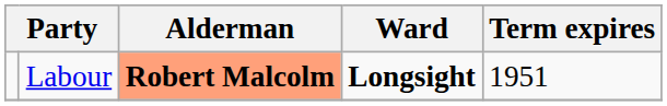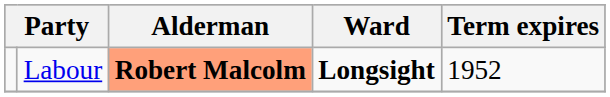 <table class="wikitable">
 <tr>
 <th colspan="2">Party</th>
 <th>Alderman</th>
 <th>Ward</th>
 <th>Term expires</th>
 </tr>
 <tr>
 <td style="background-color:"></td>
 <td><a href='#'>Labour</a></td>
 <td style="background: lightsalmon;"><strong>Robert Malcolm</strong></td>
 <td><strong>Longsight</strong></td>
-<td>1951</td>
+<td>1952</td>
 </tr>
 <tr>
 </tr>
 </table>
